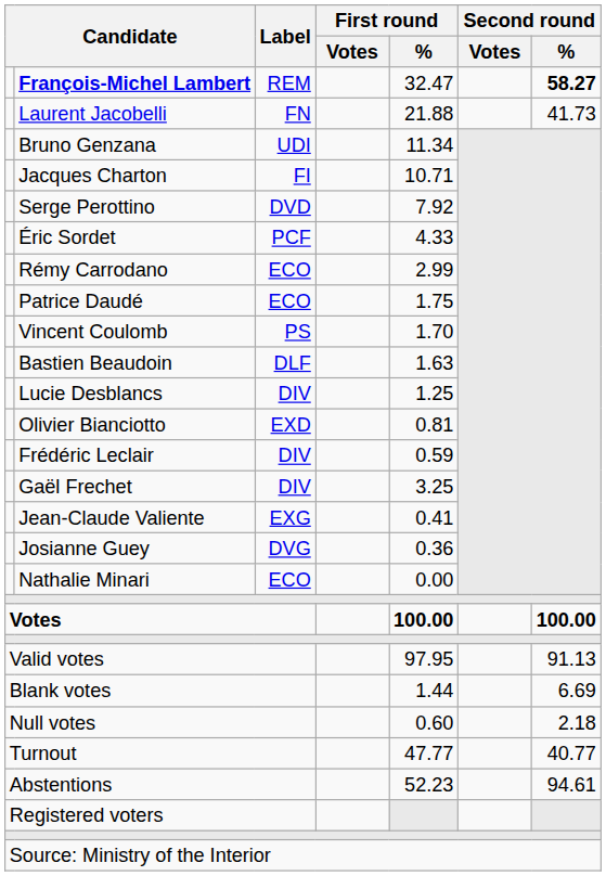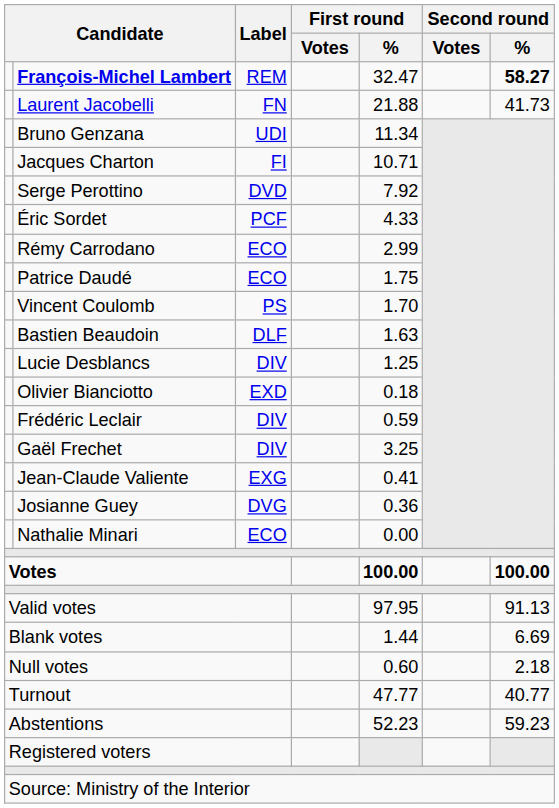 <table class="wikitable" style="text-align:right;font-size:95%;">
 <tr>
 <th rowspan="2" colspan="2">Candidate</th>
 <th rowspan="2">Label</th>
 <th colspan="2">First round</th>
 <th colspan="2">Second round</th>
 </tr>
 <tr>
 <th style="width:50px;">Votes</th>
 <th style="width:45px;">%</th>
 <th style="width:50px;">Votes</th>
 <th style="width:45px;">%</th>
 </tr>
 <tr>
 <td style="color:inherit;background:"></td>
 <td style="text-align:left;"><strong><a href='#'>François-Michel Lambert</a></strong></td>
 <td><a href='#'>REM</a></td>
 <td></td>
 <td>32.47</td>
 <td><strong></strong></td>
 <td><strong>58.27</strong></td>
 </tr>
 <tr>
 <td style="color:inherit;background:"></td>
 <td style="text-align:left;"><a href='#'>Laurent Jacobelli</a></td>
 <td><a href='#'>FN</a></td>
 <td></td>
 <td>21.88</td>
 <td></td>
 <td>41.73</td>
 </tr>
 <tr>
 <td style="color:inherit;background:"></td>
 <td style="text-align:left;">Bruno Genzana</td>
 <td><a href='#'>UDI</a></td>
 <td></td>
 <td>11.34</td>
 <td colspan="2" rowspan="15" style="background:#E9E9E9;"></td>
 </tr>
 <tr>
 <td style="color:inherit;background:"></td>
 <td style="text-align:left;">Jacques Charton</td>
 <td><a href='#'>FI</a></td>
 <td></td>
 <td>10.71</td>
 </tr>
 <tr>
 <td style="color:inherit;background:"></td>
 <td style="text-align:left;">Serge Perottino</td>
 <td><a href='#'>DVD</a></td>
 <td></td>
 <td>7.92</td>
 </tr>
 <tr>
 <td style="color:inherit;background:"></td>
 <td style="text-align:left;">Éric Sordet</td>
 <td><a href='#'>PCF</a></td>
 <td></td>
 <td>4.33</td>
 </tr>
 <tr>
 <td style="color:inherit;background:"></td>
 <td style="text-align:left;">Rémy Carrodano</td>
 <td><a href='#'>ECO</a></td>
 <td></td>
 <td>2.99</td>
 </tr>
 <tr>
 <td style="color:inherit;background:"></td>
 <td style="text-align:left;">Patrice Daudé</td>
 <td><a href='#'>ECO</a></td>
 <td></td>
 <td>1.75</td>
 </tr>
 <tr>
 <td style="color:inherit;background:"></td>
 <td style="text-align:left;">Vincent Coulomb</td>
 <td><a href='#'>PS</a></td>
 <td></td>
 <td>1.70</td>
 </tr>
 <tr>
 <td style="color:inherit;background:"></td>
 <td style="text-align:left;">Bastien Beaudoin</td>
 <td><a href='#'>DLF</a></td>
 <td></td>
 <td>1.63</td>
 </tr>
 <tr>
 <td style="color:inherit;background:"></td>
 <td style="text-align:left;">Lucie Desblancs</td>
 <td><a href='#'>DIV</a></td>
 <td></td>
 <td>1.25</td>
 </tr>
 <tr>
 <td style="color:inherit;background:"></td>
 <td style="text-align:left;">Olivier Bianciotto</td>
 <td><a href='#'>EXD</a></td>
 <td></td>
-<td>0.81</td>
+<td>0.18</td>
 </tr>
 <tr>
 <td style="color:inherit;background:"></td>
 <td style="text-align:left;">Frédéric Leclair</td>
 <td><a href='#'>DIV</a></td>
 <td></td>
 <td>0.59</td>
 </tr>
 <tr>
 <td style="color:inherit;background:"></td>
 <td style="text-align:left;">Gaël Frechet</td>
 <td><a href='#'>DIV</a></td>
 <td></td>
 <td>3.25</td>
 </tr>
 <tr>
 <td style="color:inherit;background:"></td>
 <td style="text-align:left;">Jean-Claude Valiente</td>
 <td><a href='#'>EXG</a></td>
 <td></td>
 <td>0.41</td>
 </tr>
 <tr>
 <td style="color:inherit;background:"></td>
 <td style="text-align:left;">Josianne Guey</td>
 <td><a href='#'>DVG</a></td>
 <td></td>
 <td>0.36</td>
 </tr>
 <tr>
 <td style="color:inherit;background:"></td>
 <td style="text-align:left;">Nathalie Minari</td>
 <td><a href='#'>ECO</a></td>
 <td></td>
 <td>0.00</td>
 </tr>
 <tr>
 <td colspan="7" style="background:#E9E9E9;"></td>
 </tr>
 <tr style="font-weight:bold;">
 <td colspan="3" style="text-align:left;">Votes</td>
 <td></td>
 <td>100.00</td>
 <td></td>
 <td>100.00</td>
 </tr>
 <tr>
 <td colspan="7" style="background:#E9E9E9;"></td>
 </tr>
 <tr>
 <td colspan="3" style="text-align:left;">Valid votes</td>
 <td></td>
 <td>97.95</td>
 <td></td>
 <td>91.13</td>
 </tr>
 <tr>
 <td colspan="3" style="text-align:left;">Blank votes</td>
 <td></td>
 <td>1.44</td>
 <td></td>
 <td>6.69</td>
 </tr>
 <tr>
 <td colspan="3" style="text-align:left;">Null votes</td>
 <td></td>
 <td>0.60</td>
 <td></td>
 <td>2.18</td>
 </tr>
 <tr>
 <td colspan="3" style="text-align:left;">Turnout</td>
 <td></td>
 <td>47.77</td>
 <td></td>
 <td>40.77</td>
 </tr>
 <tr>
 <td colspan="3" style="text-align:left;">Abstentions</td>
 <td></td>
 <td>52.23</td>
 <td></td>
-<td>94.61</td>
+<td>59.23</td>
 </tr>
 <tr>
 <td colspan="3" style="text-align:left;">Registered voters</td>
 <td></td>
 <td style="background:#E9E9E9;"></td>
 <td></td>
 <td style="background:#E9E9E9;"></td>
 </tr>
 <tr>
 <td colspan="7" style="background:#E9E9E9;"></td>
 </tr>
 <tr>
 <td colspan="7" style="text-align:left;">Source: Ministry of the Interior</td>
 </tr>
 </table>
